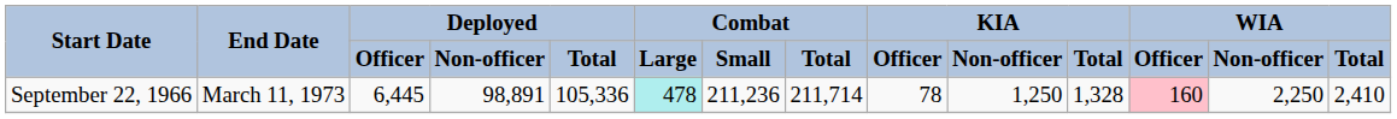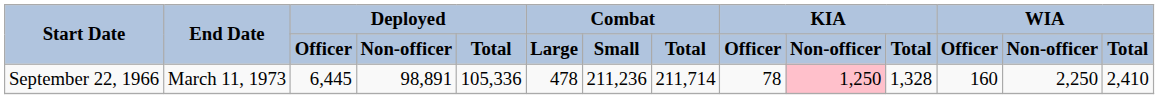 <table class="wikitable" align="center">
 <tr>
 <th rowspan="2" style="background:#B0C4DE">Start Date</th>
 <th rowspan="2" style="background:#B0C4DE">End Date</th>
 <th colspan="3" style="background:#B0C4DE">Deployed</th>
 <th colspan="3" style="background:#B0C4DE">Combat</th>
 <th colspan="3" style="background:#B0C4DE">KIA</th>
 <th colspan="3" style="background:#B0C4DE">WIA</th>
 </tr>
 <tr>
 <th style="background:#B0C4DE">Officer</th>
 <th style="background:#B0C4DE">Non-officer</th>
 <th style="background:#B0C4DE">Total</th>
 <th style="background:#B0C4DE">Large</th>
 <th style="background:#B0C4DE">Small</th>
 <th style="background:#B0C4DE">Total</th>
 <th style="background:#B0C4DE">Officer</th>
 <th style="background:#B0C4DE">Non-officer</th>
 <th style="background:#B0C4DE">Total</th>
 <th style="background:#B0C4DE">Officer</th>
 <th style="background:#B0C4DE">Non-officer</th>
 <th style="background:#B0C4DE">Total</th>
 </tr>
 <tr>
 <td>September 22, 1966</td>
 <td>March 11, 1973</td>
 <td align="right">6,445</td>
 <td align="right">98,891</td>
 <td align="right">105,336</td>
-<td align="right" style="background: paleturquoise;">478</td>
+<td align="right">478</td>
 <td align="right">211,236</td>
 <td align="right">211,714</td>
 <td align="right">78</td>
-<td align="right">1,250</td>
+<td align="right" style="background: pink;">1,250</td>
 <td align="right">1,328</td>
-<td align="right" style="background: pink;">160</td>
+<td align="right">160</td>
 <td align="right">2,250</td>
 <td align="right">2,410</td>
 </tr>
 <tr>
 </tr>
 </table>
